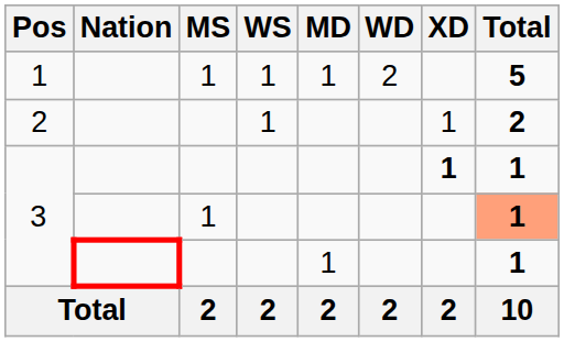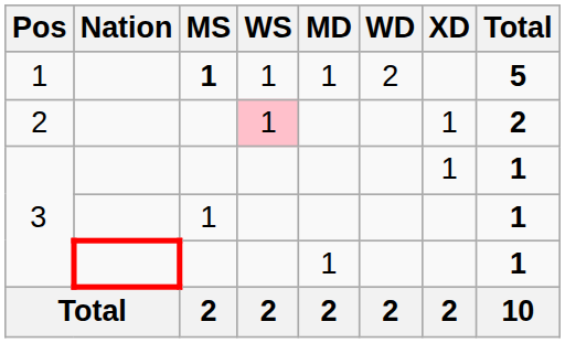 <table class="wikitable" style="text-align:center">
 <tr>
 <th>Pos</th>
 <th>Nation</th>
 <th>MS</th>
 <th>WS</th>
 <th>MD</th>
 <th>WD</th>
 <th>XD</th>
 <th>Total</th>
 </tr>
 <tr>
 <td>1</td>
 <td align="left"></td>
-<td>1</td>
+<td><strong>1</strong></td>
 <td>1</td>
 <td>1</td>
 <td>2</td>
 <td></td>
 <td><strong>5</strong></td>
 </tr>
 <tr>
 <td>2</td>
 <td align="left"></td>
 <td></td>
-<td>1</td>
+<td style="background: pink;">1</td>
 <td></td>
 <td></td>
 <td>1</td>
 <td><strong>2</strong></td>
 </tr>
 <tr>
 <td rowspan="3">3</td>
 <td align="left"></td>
 <td></td>
 <td></td>
 <td></td>
 <td></td>
-<td><strong>1</strong></td>
+<td>1</td>
 <td><strong>1</strong></td>
 </tr>
 <tr>
 <td align="left"></td>
 <td>1</td>
 <td></td>
 <td></td>
 <td></td>
 <td></td>
-<td style="background: lightsalmon;"><strong>1</strong></td>
+<td><strong>1</strong></td>
 </tr>
 <tr>
 <td align="left" style="border: 3px solid red"><strong></strong></td>
 <td></td>
 <td></td>
 <td>1</td>
 <td></td>
 <td></td>
 <td><strong>1</strong></td>
 </tr>
 <tr>
 <th colspan="2">Total</th>
 <th>2</th>
 <th>2</th>
 <th>2</th>
 <th>2</th>
 <th>2</th>
 <th>10</th>
 </tr>
 </table>
